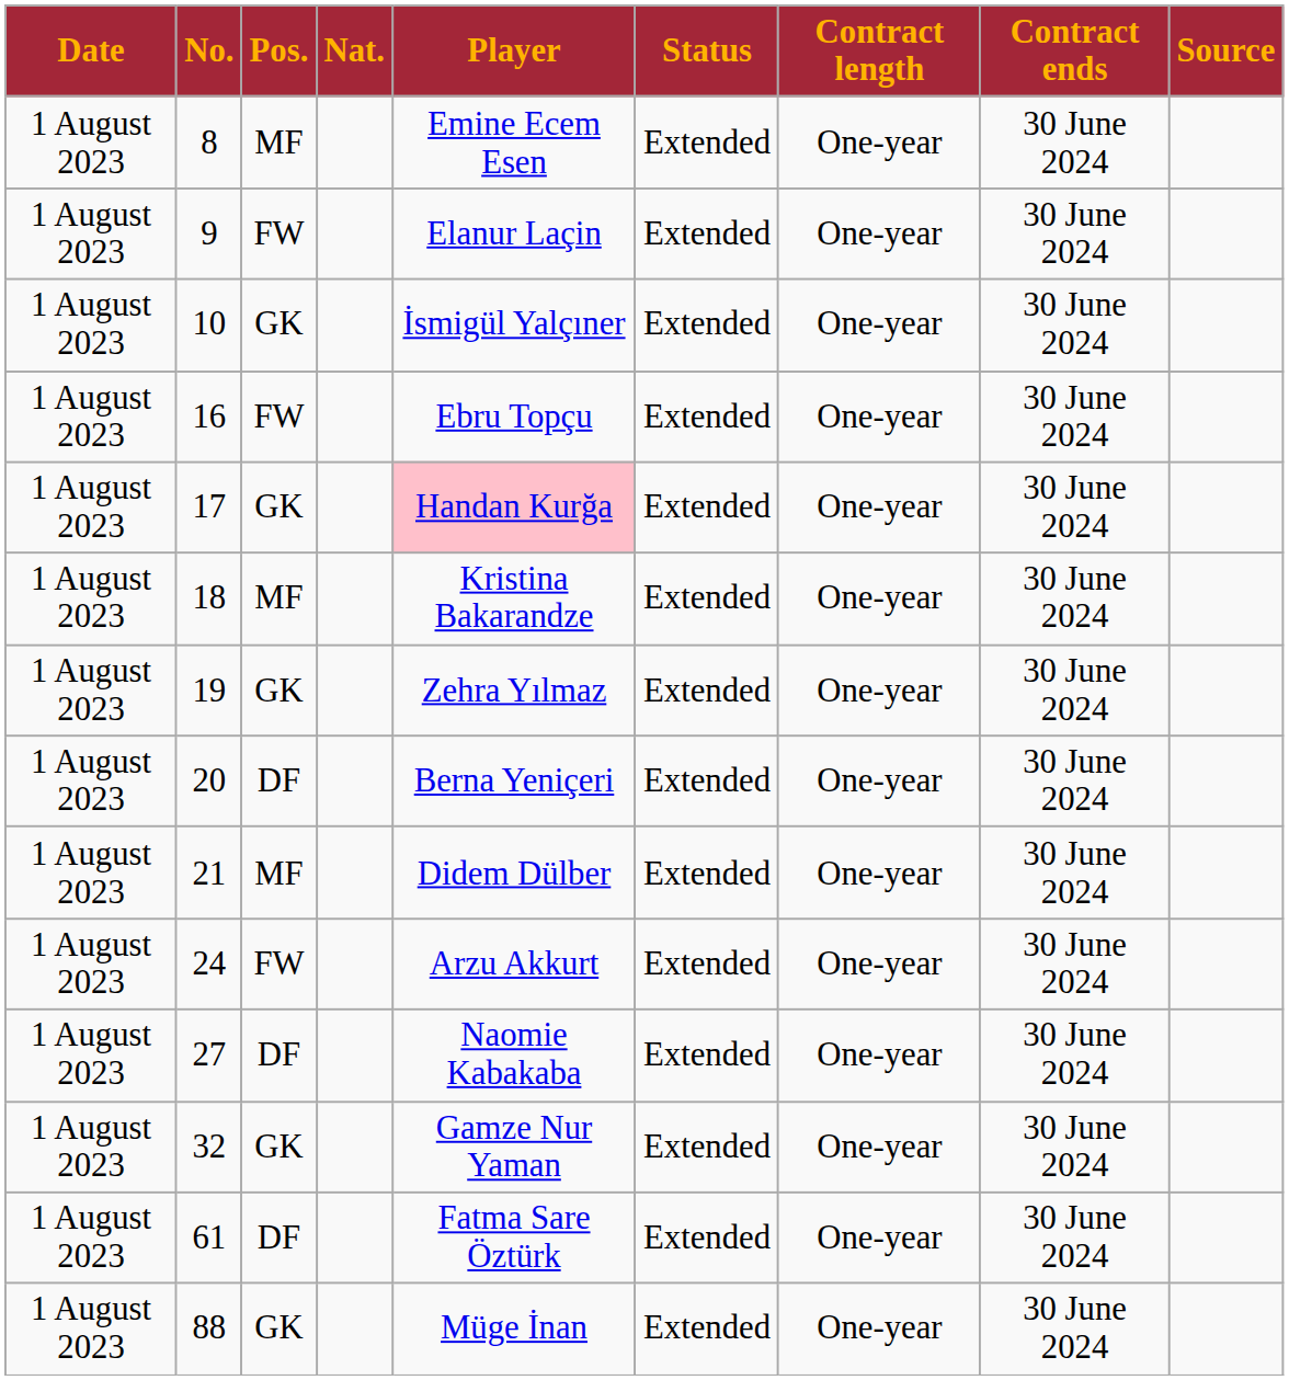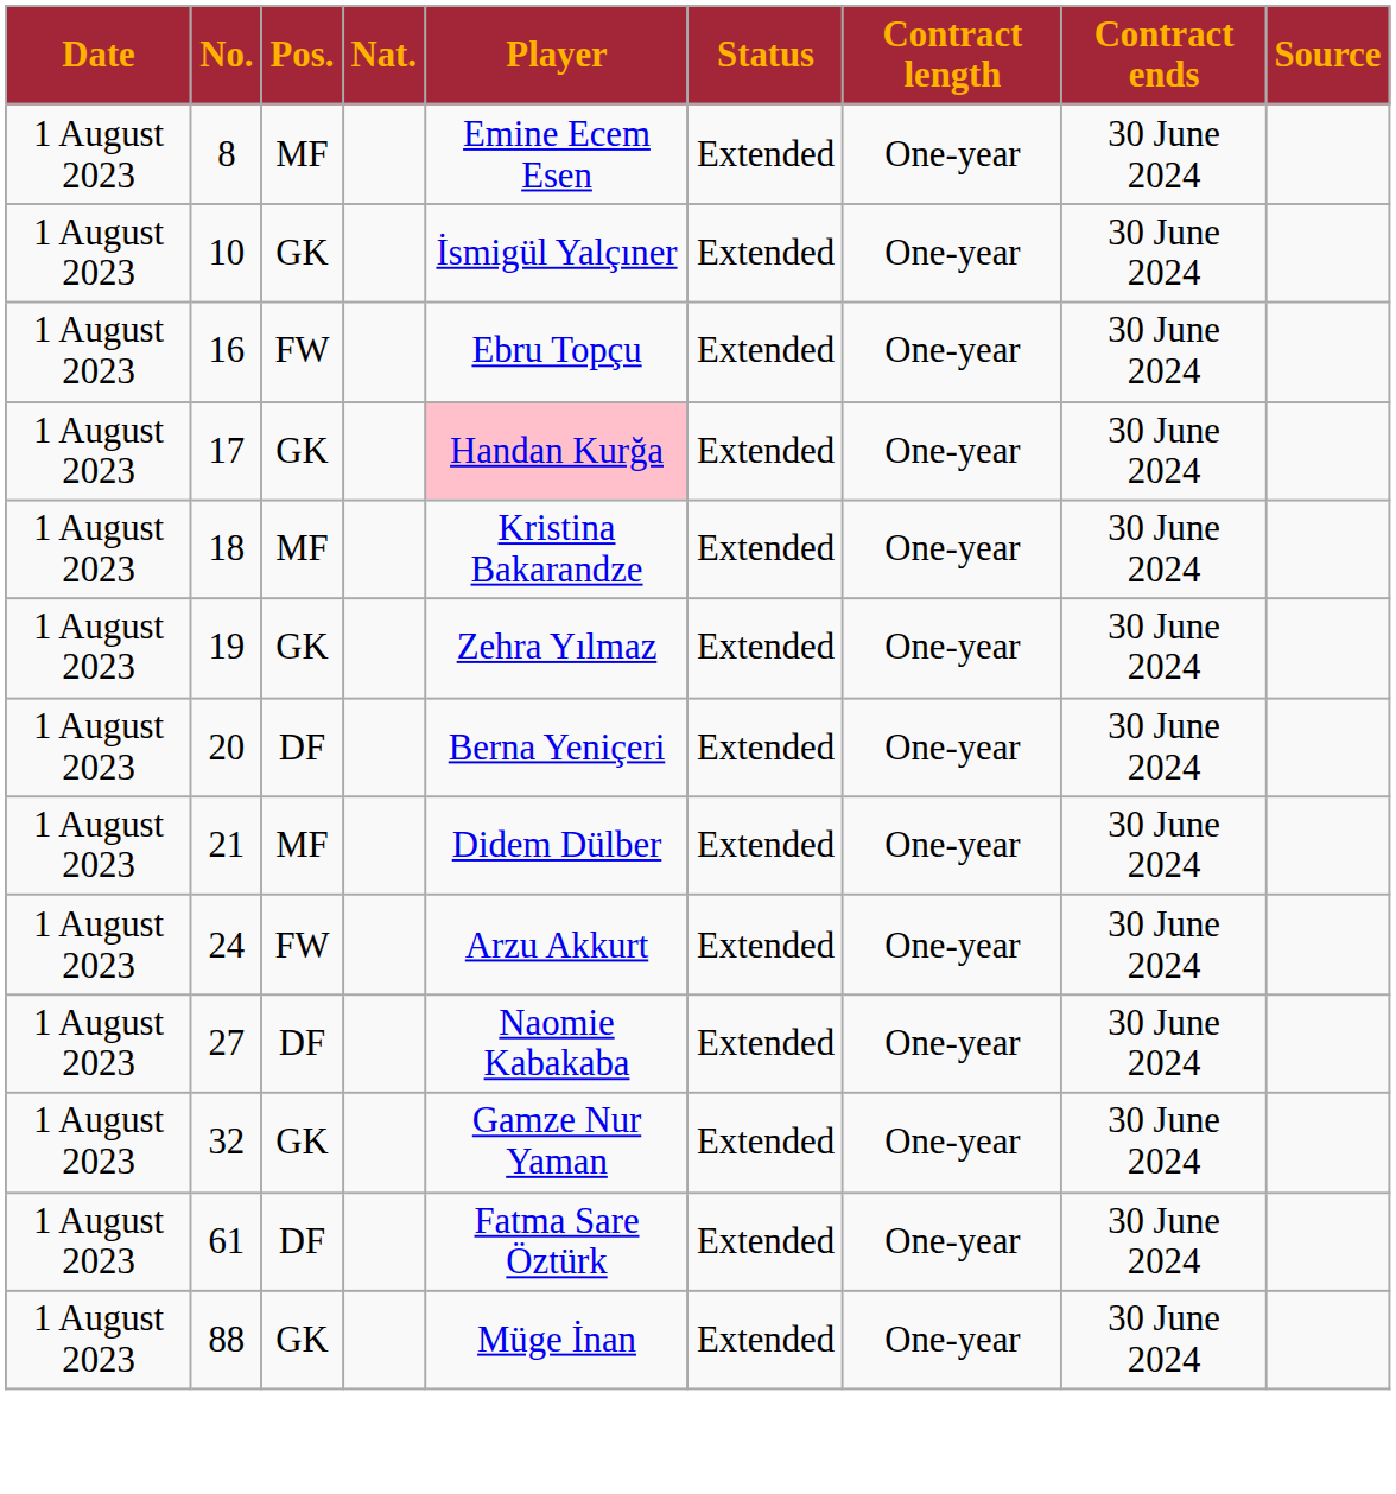 <table class="wikitable plainrowheaders sortable" style="text-align: center;">
 <tr>
 <th style="background:#A32638; color:#FFB300; ">Date</th>
 <th style="background:#A32638; color:#FFB300; ">No.</th>
 <th style="background:#A32638; color:#FFB300; ">Pos.</th>
 <th style="background:#A32638; color:#FFB300; ">Nat.</th>
 <th style="background:#A32638; color:#FFB300; ">Player</th>
 <th style="background:#A32638; color:#FFB300; ">Status</th>
 <th style="background:#A32638; color:#FFB300; ">Contract length</th>
 <th style="background:#A32638; color:#FFB300; ">Contract ends</th>
 <th style="background:#A32638; color:#FFB300; ">Source</th>
 </tr>
 <tr>
 <td>1 August 2023</td>
 <td align=center>8</td>
 <td align=center>MF</td>
 <td align=center></td>
 <td><a href='#'>Emine Ecem Esen</a></td>
-<td>Extended</td>
-<td>One-year</td>
-<td>30 June 2024</td>
-<td></td>
-</tr>
-<tr>
-<td>1 August 2023</td>
-<td align=center>9</td>
-<td align=center>FW</td>
-<td align=center></td>
-<td><a href='#'>Elanur Laçin</a></td>
 <td>Extended</td>
 <td>One-year</td>
 <td>30 June 2024</td>
 <td></td>
 </tr>
 <tr>
 <td>1 August 2023</td>
 <td align=center>10</td>
 <td align=center>GK</td>
 <td align=center></td>
 <td><a href='#'>İsmigül Yalçıner</a></td>
 <td>Extended</td>
 <td>One-year</td>
 <td>30 June 2024</td>
 <td></td>
 </tr>
 <tr>
 <td>1 August 2023</td>
 <td align=center>16</td>
 <td align=center>FW</td>
 <td align=center></td>
 <td><a href='#'>Ebru Topçu</a></td>
 <td>Extended</td>
 <td>One-year</td>
 <td>30 June 2024</td>
 <td></td>
 </tr>
 <tr>
 <td>1 August 2023</td>
 <td align=center>17</td>
 <td align=center>GK</td>
 <td align=center></td>
 <td style="background: pink;"><a href='#'>Handan Kurğa</a></td>
 <td>Extended</td>
 <td>One-year</td>
 <td>30 June 2024</td>
 <td></td>
 </tr>
 <tr>
 <td>1 August 2023</td>
 <td align=center>18</td>
 <td align=center>MF</td>
 <td align=center></td>
 <td><a href='#'>Kristina Bakarandze</a></td>
 <td>Extended</td>
 <td>One-year</td>
 <td>30 June 2024</td>
 <td></td>
 </tr>
 <tr>
 <td>1 August 2023</td>
 <td align=center>19</td>
 <td align=center>GK</td>
 <td align=center></td>
 <td><a href='#'>Zehra Yılmaz</a></td>
 <td>Extended</td>
 <td>One-year</td>
 <td>30 June 2024</td>
 <td></td>
 </tr>
 <tr>
 <td>1 August 2023</td>
 <td align=center>20</td>
 <td align=center>DF</td>
 <td align=center></td>
 <td><a href='#'>Berna Yeniçeri</a></td>
 <td>Extended</td>
 <td>One-year</td>
 <td>30 June 2024</td>
 <td></td>
 </tr>
 <tr>
 <td>1 August 2023</td>
 <td align=center>21</td>
 <td align=center>MF</td>
 <td align=center></td>
 <td><a href='#'>Didem Dülber</a></td>
 <td>Extended</td>
 <td>One-year</td>
 <td>30 June 2024</td>
 <td></td>
 </tr>
 <tr>
 <td>1 August 2023</td>
 <td align=center>24</td>
 <td align=center>FW</td>
 <td align=center></td>
 <td><a href='#'>Arzu Akkurt</a></td>
 <td>Extended</td>
 <td>One-year</td>
 <td>30 June 2024</td>
 <td></td>
 </tr>
 <tr>
 <td>1 August 2023</td>
 <td align=center>27</td>
 <td align=center>DF</td>
 <td align=center></td>
 <td><a href='#'>Naomie Kabakaba</a></td>
 <td>Extended</td>
 <td>One-year</td>
 <td>30 June 2024</td>
 <td></td>
 </tr>
 <tr>
 <td>1 August 2023</td>
 <td align=center>32</td>
 <td align=center>GK</td>
 <td align=center></td>
 <td><a href='#'>Gamze Nur Yaman</a></td>
 <td>Extended</td>
 <td>One-year</td>
 <td>30 June 2024</td>
 <td></td>
 </tr>
 <tr>
 <td>1 August 2023</td>
 <td align=center>61</td>
 <td align=center>DF</td>
 <td align=center></td>
 <td><a href='#'>Fatma Sare Öztürk</a></td>
 <td>Extended</td>
 <td>One-year</td>
 <td>30 June 2024</td>
 <td></td>
 </tr>
 <tr>
 <td>1 August 2023</td>
 <td align=center>88</td>
 <td align=center>GK</td>
 <td align=center></td>
 <td><a href='#'>Müge İnan</a></td>
 <td>Extended</td>
 <td>One-year</td>
 <td>30 June 2024</td>
 <td></td>
 </tr>
 </table>
